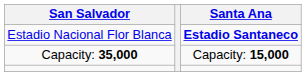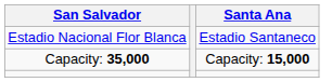 <table class="wikitable" style="text-align:center">
 <tr>
 <th><a href='#'>San Salvador</a></th>
 <th rowspan="4"></th>
 <th><a href='#'>Santa Ana</a></th>
 </tr>
 <tr>
 <td><a href='#'>Estadio Nacional Flor Blanca</a></td>
-<td><strong><a href='#'>Estadio Santaneco</a></strong></td>
+<td><a href='#'>Estadio Santaneco</a></td>
 </tr>
 <tr>
 <td>Capacity: <strong>35,000</strong></td>
 <td>Capacity: <strong>15,000</strong></td>
 </tr>
 <tr>
 <td></td>
 <td></td>
 </tr>
 </table>
